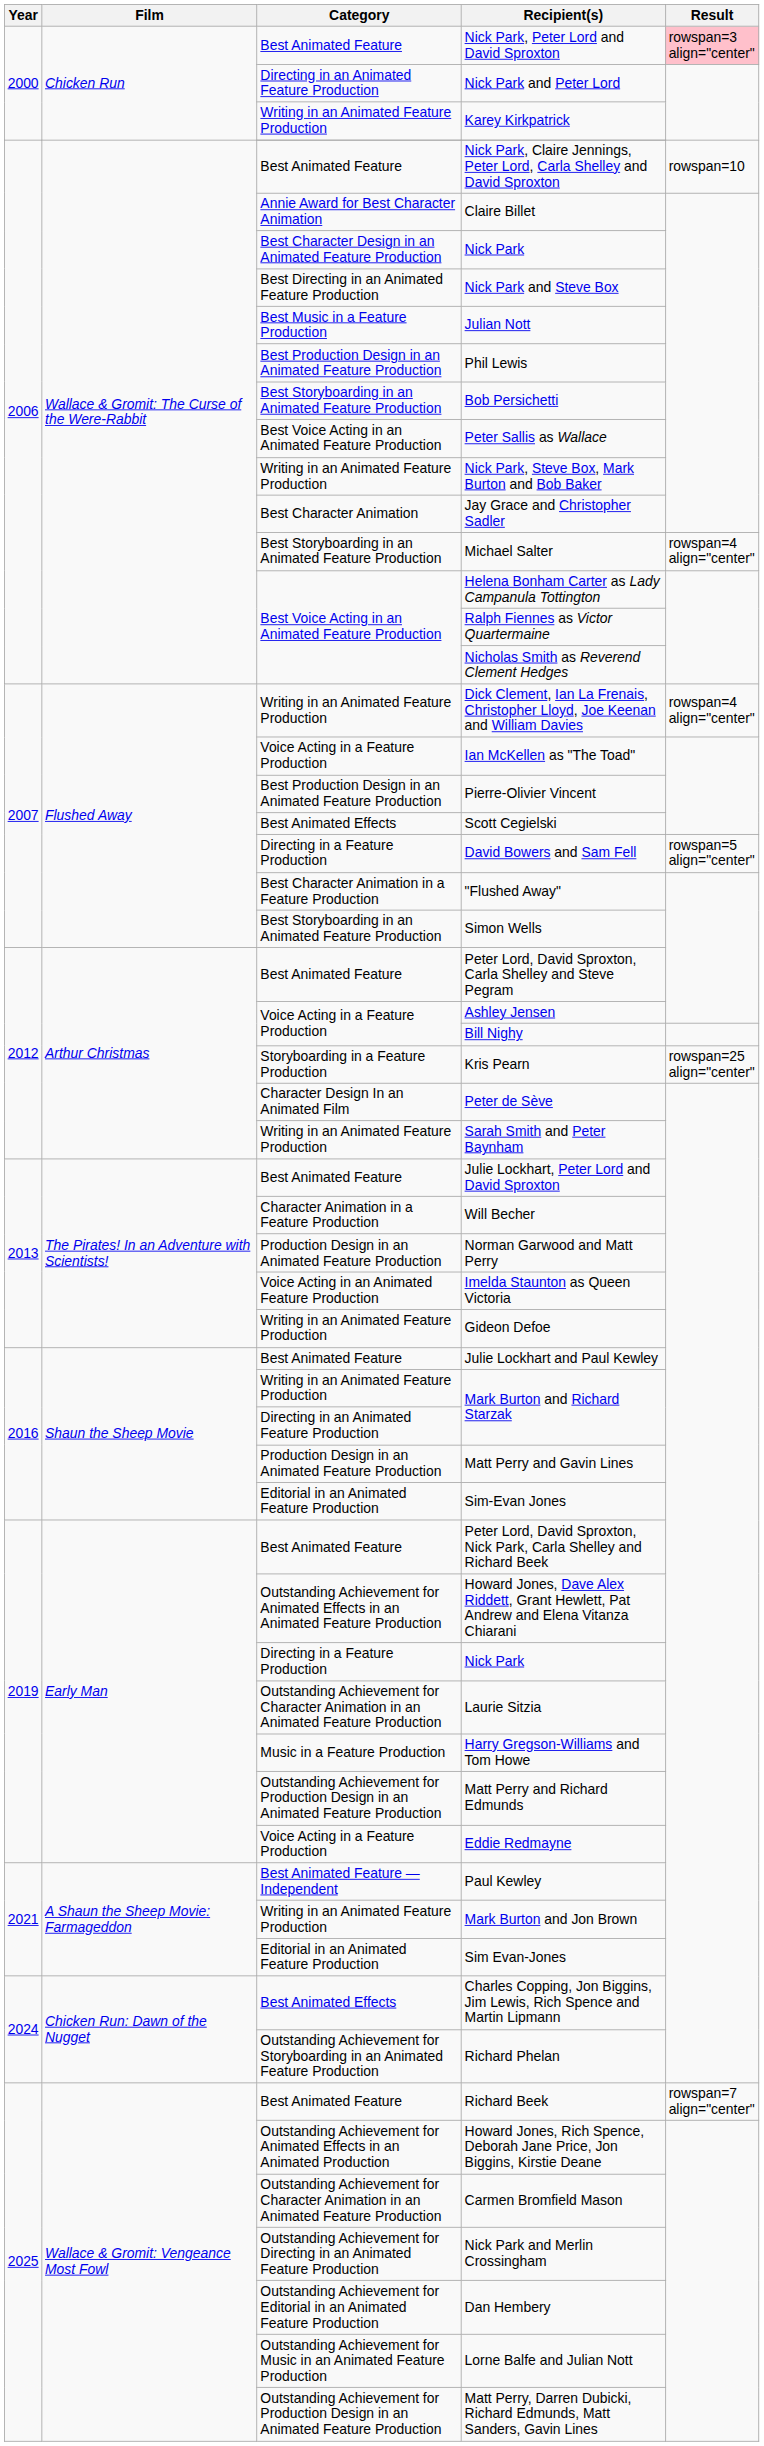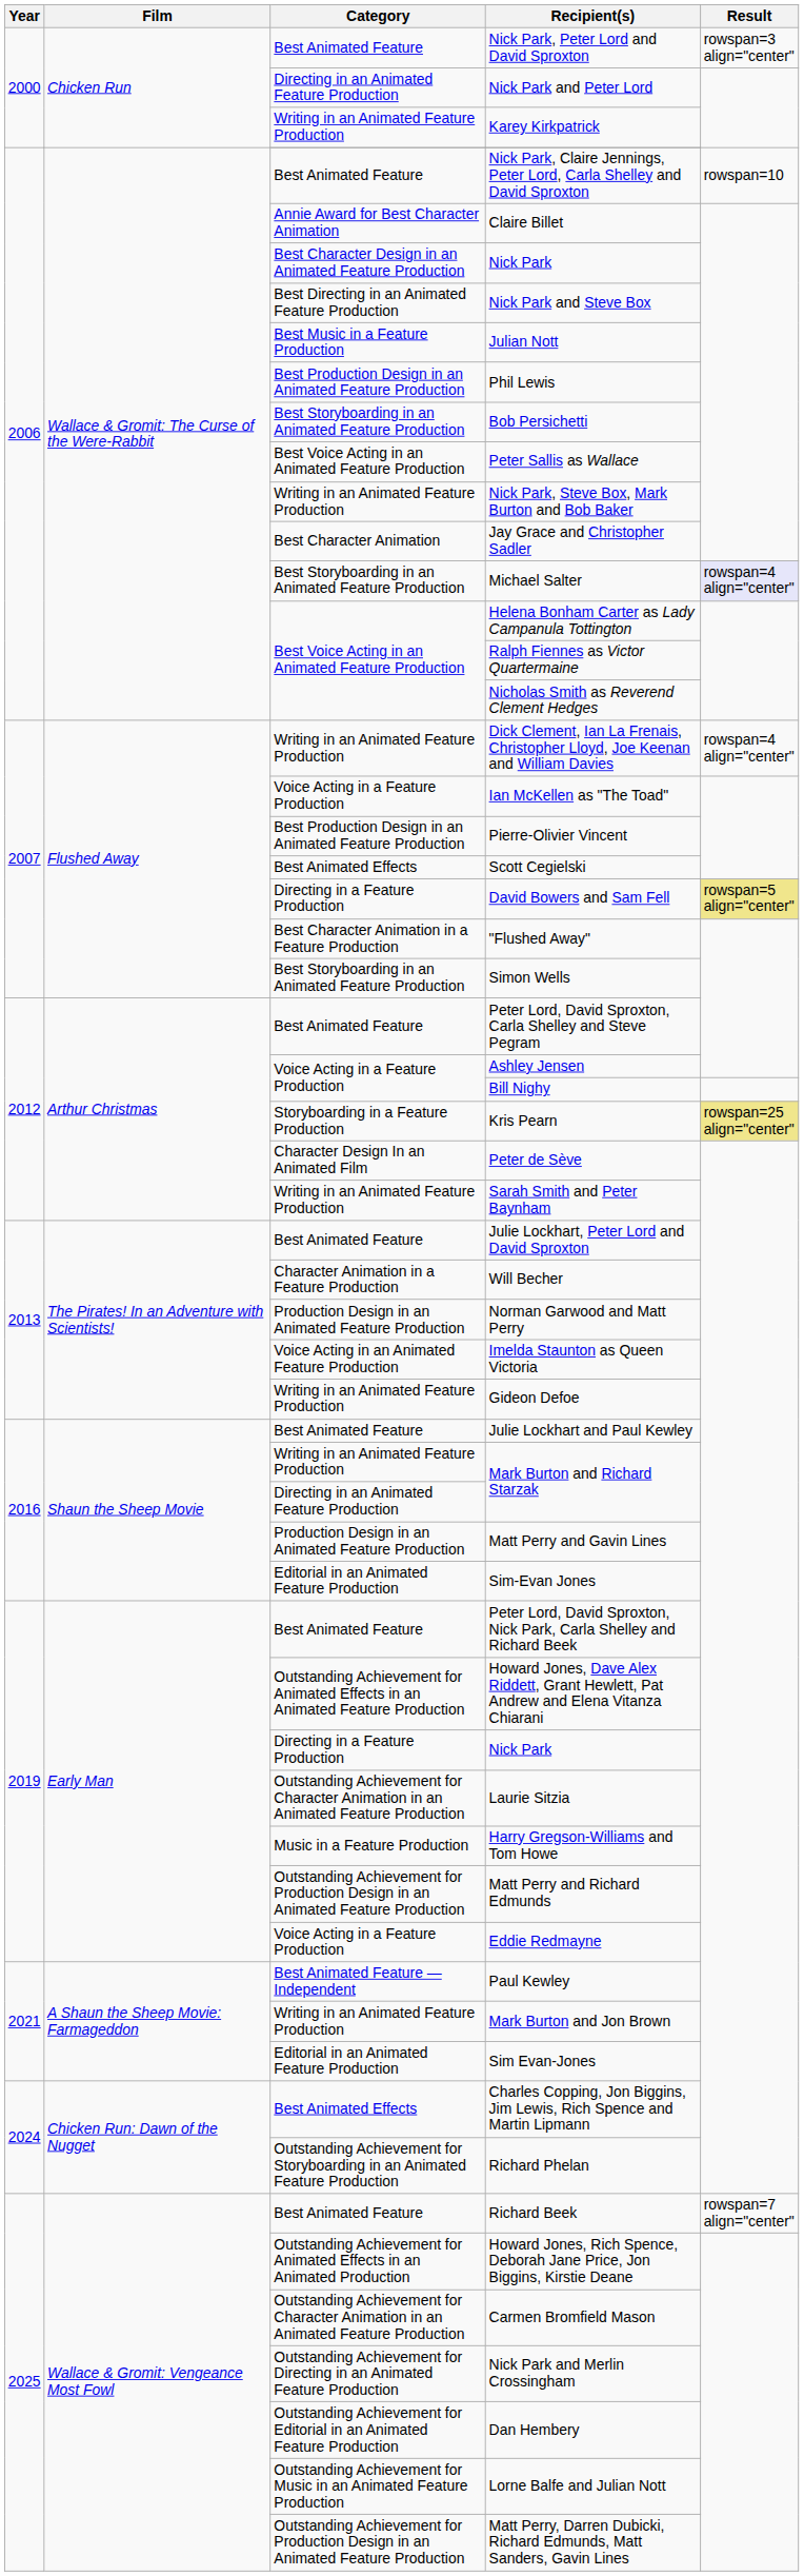 <table class="wikitable" style="max-width:900px;">
 <tr>
 <th width=35px>Year</th>
 <th width=265px>Film</th>
 <th width=250px>Category</th>
 <th width=250px>Recipient(s)</th>
 <th width=100px>Result</th>
 </tr>
 <tr>
 <td rowspan=3><a href='#'>2000</a></td>
 <td rowspan=3><em><a href='#'>Chicken Run</a></em></td>
 <td><a href='#'>Best Animated Feature</a></td>
 <td><a href='#'>Nick Park</a>, <a href='#'>Peter Lord</a> and <a href='#'>David Sproxton</a></td>
-<td style="background: pink;">rowspan=3 align="center" </td>
+<td>rowspan=3 align="center" </td>
 </tr>
 <tr>
 <td><a href='#'>Directing in an Animated Feature Production</a></td>
 <td><a href='#'>Nick Park</a> and <a href='#'>Peter Lord</a></td>
 </tr>
 <tr>
 <td><a href='#'>Writing in an Animated Feature Production</a></td>
 <td><a href='#'>Karey Kirkpatrick</a></td>
 </tr>
 <tr>
 <td rowspan=15><a href='#'>2006</a></td>
 <td rowspan=15><em><a href='#'>Wallace & Gromit: The Curse of the Were-Rabbit</a></em></td>
 </tr>
 <tr>
 <td>Best Animated Feature</td>
 <td><a href='#'>Nick Park</a>, Claire Jennings, <a href='#'>Peter Lord</a>, <a href='#'>Carla Shelley</a> and <a href='#'>David Sproxton</a></td>
 <td>rowspan=10 </td>
 </tr>
 <tr>
 <td><a href='#'>Annie Award for Best Character Animation</a></td>
 <td>Claire Billet</td>
 </tr>
 <tr>
 <td><a href='#'>Best Character Design in an Animated Feature Production</a></td>
 <td><a href='#'>Nick Park</a></td>
 </tr>
 <tr>
 <td>Best Directing in an Animated Feature Production</td>
 <td><a href='#'>Nick Park</a> and <a href='#'>Steve Box</a></td>
 </tr>
 <tr>
 <td><a href='#'>Best Music in a Feature Production</a></td>
 <td><a href='#'>Julian Nott</a></td>
 </tr>
 <tr>
 <td><a href='#'>Best Production Design in an Animated Feature Production</a></td>
 <td>Phil Lewis</td>
 </tr>
 <tr>
 <td><a href='#'>Best Storyboarding in an Animated Feature Production</a></td>
 <td><a href='#'>Bob Persichetti</a></td>
 </tr>
 <tr>
 <td>Best Voice Acting in an Animated Feature Production</td>
 <td><a href='#'>Peter Sallis</a> as <em>Wallace</em></td>
 </tr>
 <tr>
 <td>Writing in an Animated Feature Production</td>
 <td><a href='#'>Nick Park</a>, <a href='#'>Steve Box</a>, <a href='#'>Mark Burton</a> and <a href='#'>Bob Baker</a></td>
 </tr>
 <tr>
 <td>Best Character Animation</td>
 <td>Jay Grace and <a href='#'>Christopher Sadler</a></td>
 </tr>
 <tr>
 <td>Best Storyboarding in an Animated Feature Production</td>
 <td>Michael Salter</td>
-<td>rowspan=4 align="center" </td>
+<td style="background: lavender;">rowspan=4 align="center" </td>
 </tr>
 <tr>
 <td rowspan="3"><a href='#'>Best Voice Acting in an Animated Feature Production</a></td>
 <td><a href='#'>Helena Bonham Carter</a> as <em>Lady Campanula Tottington</em></td>
 </tr>
 <tr>
 <td><a href='#'>Ralph Fiennes</a> as <em>Victor Quartermaine</em></td>
 </tr>
 <tr>
 <td><a href='#'>Nicholas Smith</a> as <em>Reverend Clement Hedges</em></td>
 </tr>
 <tr>
 <td rowspan=7><a href='#'>2007</a></td>
 <td rowspan=7><em><a href='#'>Flushed Away</a></em></td>
 <td>Writing in an Animated Feature Production</td>
 <td><a href='#'>Dick Clement</a>, <a href='#'>Ian La Frenais</a>, <a href='#'>Christopher Lloyd</a>, <a href='#'>Joe Keenan</a> and <a href='#'>William Davies</a></td>
 <td>rowspan=4 align="center" </td>
 </tr>
 <tr>
 <td>Voice Acting in a Feature Production</td>
 <td><a href='#'>Ian McKellen</a> as "The Toad"</td>
 </tr>
 <tr>
 <td>Best Production Design in an Animated Feature Production</td>
 <td>Pierre-Olivier Vincent</td>
 </tr>
 <tr>
 <td>Best Animated Effects</td>
 <td>Scott Cegielski</td>
 </tr>
 <tr>
 <td>Directing in a Feature Production</td>
 <td><a href='#'>David Bowers</a> and <a href='#'>Sam Fell</a></td>
-<td>rowspan=5 align="center" </td>
+<td style="background: khaki;">rowspan=5 align="center" </td>
 </tr>
 <tr>
 <td>Best Character Animation in a Feature Production</td>
 <td>"Flushed Away"</td>
 </tr>
 <tr>
 <td>Best Storyboarding in an Animated Feature Production</td>
 <td>Simon Wells</td>
 </tr>
 <tr>
 <td rowspan=6><a href='#'>2012</a></td>
 <td rowspan=6><em><a href='#'>Arthur Christmas</a></em></td>
 <td>Best Animated Feature</td>
 <td>Peter Lord, David Sproxton, Carla Shelley and Steve Pegram</td>
 </tr>
 <tr>
 <td rowspan=2>Voice Acting in a Feature Production</td>
 <td><a href='#'>Ashley Jensen</a></td>
 </tr>
 <tr>
 <td><a href='#'>Bill Nighy</a></td>
 <td></td>
 </tr>
 <tr>
 <td>Storyboarding in a Feature Production</td>
 <td>Kris Pearn</td>
-<td>rowspan=25 align="center" </td>
+<td style="background: khaki;">rowspan=25 align="center" </td>
 </tr>
 <tr>
 <td>Character Design In an Animated Film</td>
 <td><a href='#'>Peter de Sève</a></td>
 </tr>
 <tr>
 <td>Writing in an Animated Feature Production</td>
 <td><a href='#'>Sarah Smith</a> and <a href='#'>Peter Baynham</a></td>
 </tr>
 <tr>
 <td rowspan=5><a href='#'>2013</a></td>
 <td rowspan=5><em><a href='#'>The Pirates! In an Adventure with Scientists!</a></em></td>
 <td>Best Animated Feature</td>
 <td>Julie Lockhart, <a href='#'>Peter Lord</a> and <a href='#'>David Sproxton</a></td>
 </tr>
 <tr>
 <td>Character Animation in a Feature Production</td>
 <td>Will Becher</td>
 </tr>
 <tr>
 <td>Production Design in an Animated Feature Production</td>
 <td>Norman Garwood and Matt Perry</td>
 </tr>
 <tr>
 <td>Voice Acting in an Animated Feature Production</td>
 <td><a href='#'>Imelda Staunton</a> as Queen Victoria</td>
 </tr>
 <tr>
 <td>Writing in an Animated Feature Production</td>
 <td>Gideon Defoe</td>
 </tr>
 <tr>
 <td rowspan=5><a href='#'>2016</a></td>
 <td rowspan=5><em><a href='#'>Shaun the Sheep Movie</a></em></td>
 <td>Best Animated Feature</td>
 <td>Julie Lockhart and Paul Kewley</td>
 </tr>
 <tr>
 <td>Writing in an Animated Feature Production</td>
 <td rowspan=2><a href='#'>Mark Burton</a> and <a href='#'>Richard Starzak</a></td>
 </tr>
 <tr>
 <td>Directing in an Animated Feature Production</td>
 </tr>
 <tr>
 <td>Production Design in an Animated Feature Production</td>
 <td>Matt Perry and Gavin Lines</td>
 </tr>
 <tr>
 <td>Editorial in an Animated Feature Production</td>
 <td>Sim-Evan Jones</td>
 </tr>
 <tr>
 <td rowspan=7><a href='#'>2019</a></td>
 <td rowspan=7><em><a href='#'>Early Man</a></em></td>
 <td>Best Animated Feature</td>
 <td>Peter Lord, David Sproxton, Nick Park, Carla Shelley and Richard Beek</td>
 </tr>
 <tr>
 <td>Outstanding Achievement for Animated Effects in an Animated Feature Production</td>
 <td>Howard Jones, <a href='#'>Dave Alex Riddett</a>, Grant Hewlett, Pat Andrew and Elena Vitanza Chiarani</td>
 </tr>
 <tr>
 <td>Directing in a Feature Production</td>
 <td><a href='#'>Nick Park</a></td>
 </tr>
 <tr>
 <td>Outstanding Achievement for Character Animation in an Animated Feature Production</td>
 <td>Laurie Sitzia</td>
 </tr>
 <tr>
 <td>Music in a Feature Production</td>
 <td><a href='#'>Harry Gregson-Williams</a> and Tom Howe</td>
 </tr>
 <tr>
 <td>Outstanding Achievement for Production Design in an Animated Feature Production</td>
 <td>Matt Perry and Richard Edmunds</td>
 </tr>
 <tr>
 <td>Voice Acting in a Feature Production</td>
 <td><a href='#'>Eddie Redmayne</a></td>
 </tr>
 <tr>
 <td rowspan=3><a href='#'>2021</a></td>
 <td rowspan=3><em><a href='#'>A Shaun the Sheep Movie: Farmageddon</a></em></td>
 <td><a href='#'>Best Animated Feature  — Independent</a></td>
 <td>Paul Kewley</td>
 </tr>
 <tr>
 <td>Writing in an Animated Feature Production</td>
 <td><a href='#'>Mark Burton</a> and Jon Brown</td>
 </tr>
 <tr>
 <td>Editorial in an Animated Feature Production</td>
 <td>Sim Evan-Jones</td>
 </tr>
 <tr>
 <td rowspan=2><a href='#'>2024</a></td>
 <td rowspan=2><em><a href='#'>Chicken Run: Dawn of the Nugget</a></em></td>
 <td><a href='#'>Best Animated Effects</a></td>
 <td>Charles Copping, Jon Biggins, Jim Lewis, Rich Spence and Martin Lipmann</td>
 </tr>
 <tr>
 <td>Outstanding Achievement for Storyboarding in an Animated Feature Production</td>
 <td>Richard Phelan</td>
 </tr>
 <tr>
 <td rowspan=7><a href='#'>2025</a></td>
 <td rowspan=7><em><a href='#'>Wallace & Gromit: Vengeance Most Fowl</a></em></td>
 <td>Best Animated Feature</td>
 <td>Richard Beek</td>
 <td>rowspan=7 align="center" </td>
 </tr>
 <tr>
 <td>Outstanding Achievement for Animated Effects in an Animated Production</td>
 <td>Howard Jones, Rich Spence, Deborah Jane Price, Jon Biggins, Kirstie Deane</td>
 </tr>
 <tr>
 <td>Outstanding Achievement for Character Animation in an Animated Feature Production</td>
 <td>Carmen Bromfield Mason</td>
 </tr>
 <tr>
 <td>Outstanding Achievement for Directing in an Animated Feature Production</td>
 <td>Nick Park and Merlin Crossingham</td>
 </tr>
 <tr>
 <td>Outstanding Achievement for Editorial in an Animated Feature Production</td>
 <td>Dan Hembery</td>
 </tr>
 <tr>
 <td>Outstanding Achievement for Music in an Animated Feature Production</td>
 <td>Lorne Balfe and Julian Nott</td>
 </tr>
 <tr>
 <td>Outstanding Achievement for Production Design in an Animated Feature Production</td>
 <td>Matt Perry, Darren Dubicki, Richard Edmunds, Matt Sanders, Gavin Lines</td>
 </tr>
 </table>
